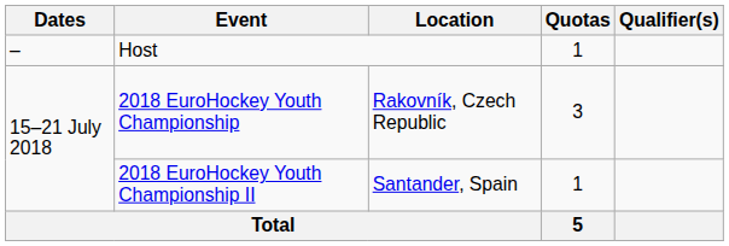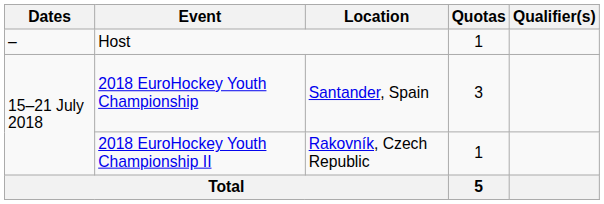 <table class=wikitable>
 <tr>
 <th>Dates</th>
 <th>Event</th>
 <th>Location</th>
 <th>Quotas</th>
 <th>Qualifier(s)</th>
 </tr>
 <tr>
 <td>–</td>
 <td colspan=2>Host</td>
 <td style="text-align: center;">1</td>
 <td></td>
 </tr>
 <tr>
 <td rowspan=2>15–21 July 2018</td>
 <td><a href='#'>2018 EuroHockey Youth Championship</a></td>
-<td><a href='#'>Rakovník</a>, Czech Republic</td>
+<td><a href='#'>Santander</a>, Spain</td>
 <td style="text-align: center;">3</td>
 <td><br><s></s><br><br><s></s><br></td>
 </tr>
 <tr>
 <td><a href='#'>2018 EuroHockey Youth Championship II</a></td>
-<td><a href='#'>Santander</a>, Spain</td>
+<td><a href='#'>Rakovník</a>, Czech Republic</td>
 <td style="text-align: center;">1</td>
 <td><br><s></s></td>
 </tr>
 <tr>
 <th colspan="3">Total</th>
 <th>5</th>
 <th></th>
 </tr>
 </table>
